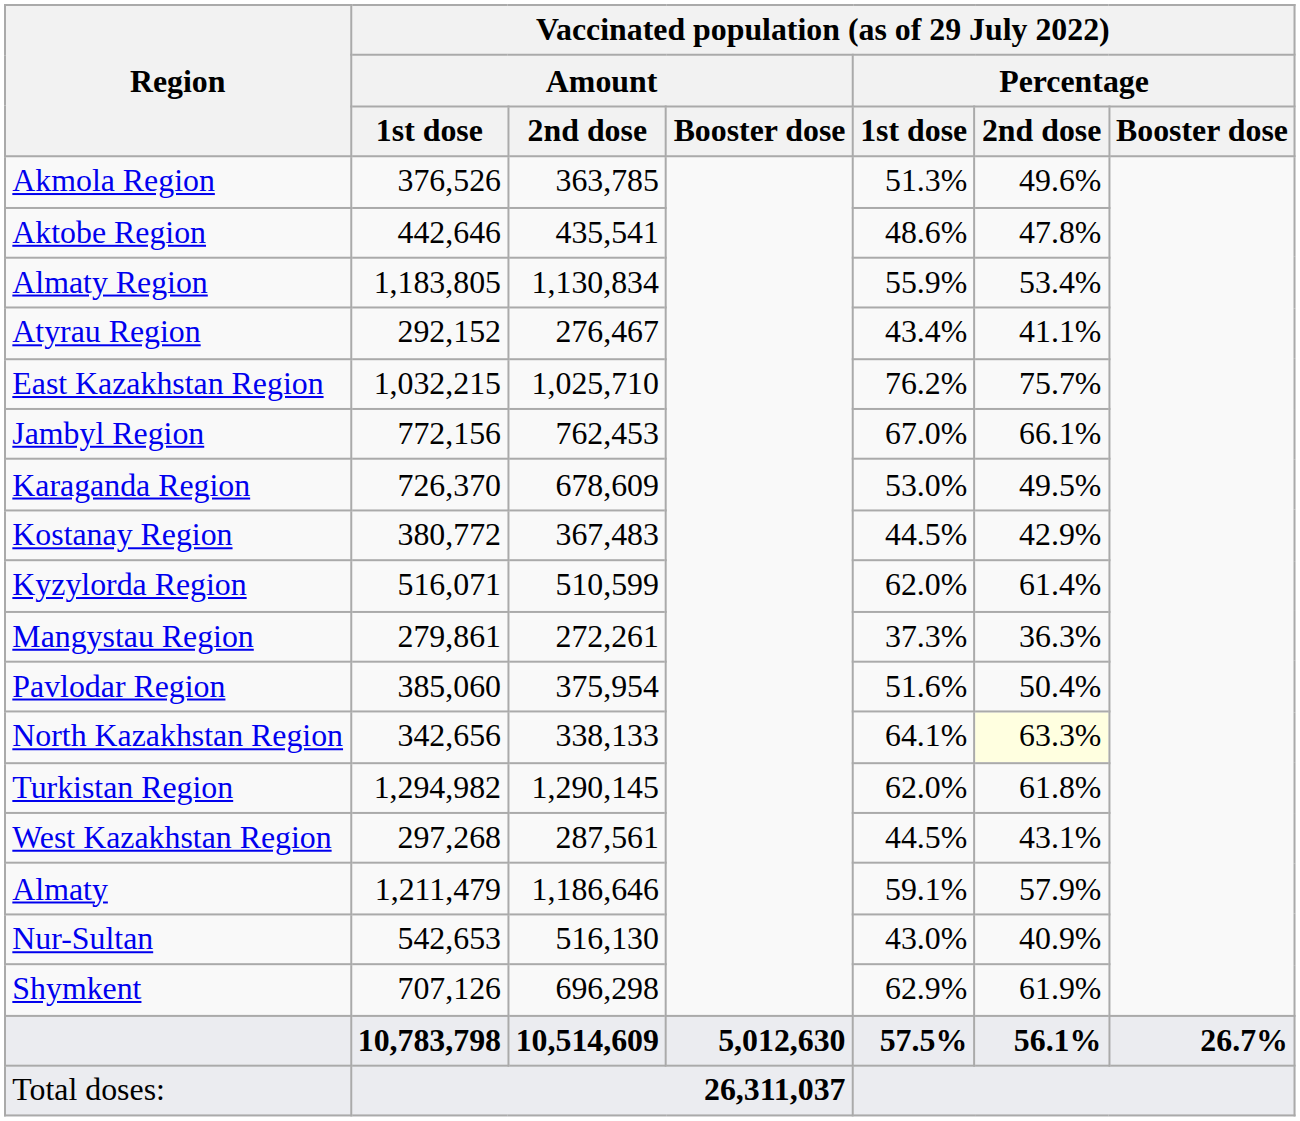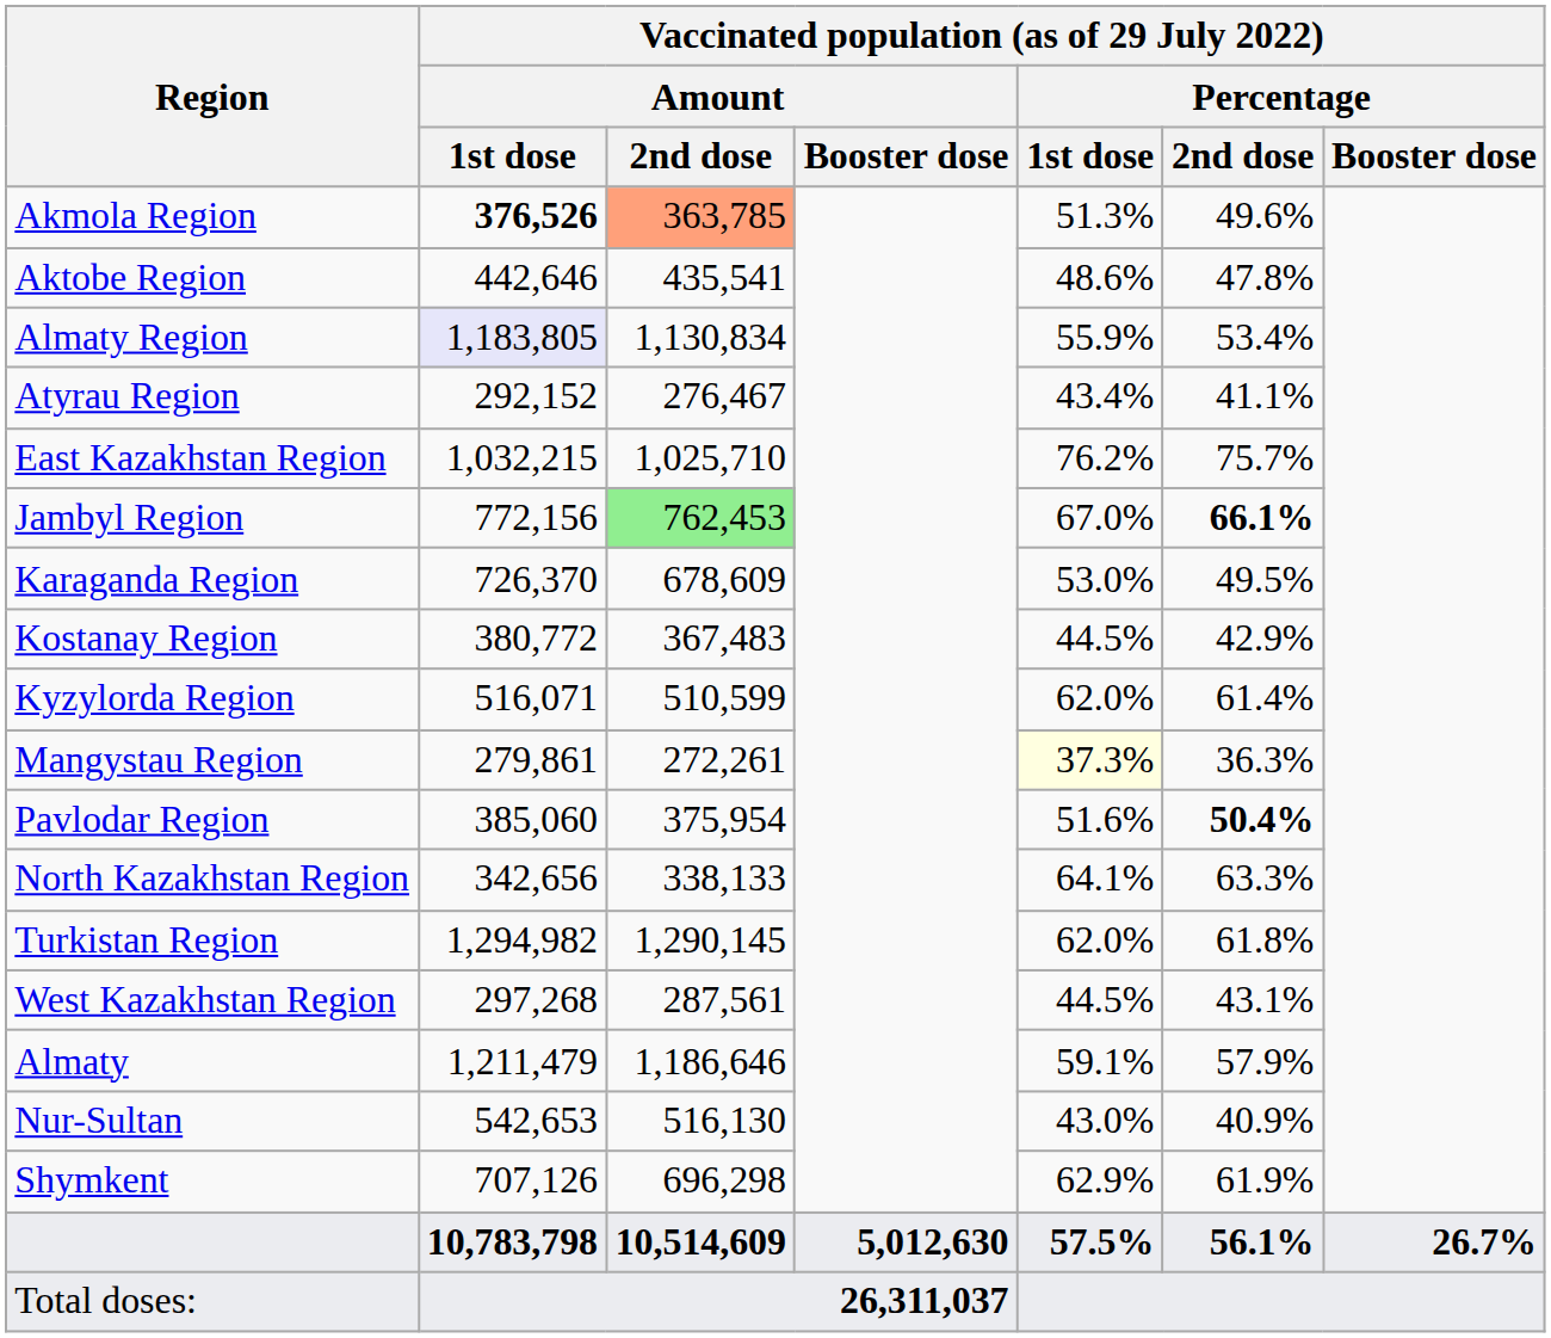 <table class="wikitable sortable centered" style="text-align:right;">
 <tr>
 <th rowspan="3">Region</th>
 <th colspan="6">Vaccinated population (as of 29 July 2022)</th>
 </tr>
 <tr>
 <th colspan="3">Amount</th>
 <th colspan="3">Percentage</th>
 </tr>
 <tr>
 <th>1st dose</th>
 <th>2nd dose</th>
 <th>Booster dose</th>
 <th>1st dose</th>
 <th>2nd dose</th>
 <th>Booster dose</th>
 </tr>
 <tr>
 <td style="text-align:left"><a href='#'>Akmola Region</a></td>
-<td>376,526</td>
-<td>363,785</td>
+<td><strong>376,526</strong></td>
+<td style="background: lightsalmon;">363,785</td>
 <td rowspan="17"></td>
 <td>51.3%</td>
 <td>49.6%</td>
 <td rowspan="17"></td>
 </tr>
 <tr>
 <td style="text-align:left"><a href='#'>Aktobe Region</a></td>
 <td>442,646</td>
 <td>435,541</td>
 <td>48.6%</td>
 <td>47.8%</td>
 </tr>
 <tr>
 <td style="text-align:left"><a href='#'>Almaty Region</a></td>
-<td>1,183,805</td>
+<td style="background: lavender;">1,183,805</td>
 <td>1,130,834</td>
 <td>55.9%</td>
 <td>53.4%</td>
 </tr>
 <tr>
 <td style="text-align:left"><a href='#'>Atyrau Region</a></td>
 <td>292,152</td>
 <td>276,467</td>
 <td>43.4%</td>
 <td>41.1%</td>
 </tr>
 <tr>
 <td style="text-align:left"><a href='#'>East Kazakhstan Region</a></td>
 <td>1,032,215</td>
 <td>1,025,710</td>
 <td>76.2%</td>
 <td>75.7%</td>
 </tr>
 <tr>
 <td style="text-align:left"><a href='#'>Jambyl Region</a></td>
 <td>772,156</td>
-<td>762,453</td>
+<td style="background: lightgreen;">762,453</td>
 <td>67.0%</td>
-<td>66.1%</td>
+<td><strong>66.1%</strong></td>
 </tr>
 <tr>
 <td style="text-align:left"><a href='#'>Karaganda Region</a></td>
 <td>726,370</td>
 <td>678,609</td>
 <td>53.0%</td>
 <td>49.5%</td>
 </tr>
 <tr>
 <td style="text-align:left"><a href='#'>Kostanay Region</a></td>
 <td>380,772</td>
 <td>367,483</td>
 <td>44.5%</td>
 <td>42.9%</td>
 </tr>
 <tr>
 <td style="text-align:left"><a href='#'>Kyzylorda Region</a></td>
 <td>516,071</td>
 <td>510,599</td>
 <td>62.0%</td>
 <td>61.4%</td>
 </tr>
 <tr>
 <td style="text-align:left"><a href='#'>Mangystau Region</a></td>
 <td>279,861</td>
 <td>272,261</td>
-<td>37.3%</td>
+<td style="background: lightyellow;">37.3%</td>
 <td>36.3%</td>
 </tr>
 <tr>
 <td style="text-align:left"><a href='#'>Pavlodar Region</a></td>
 <td>385,060</td>
 <td>375,954</td>
 <td>51.6%</td>
-<td>50.4%</td>
+<td><strong>50.4%</strong></td>
 </tr>
 <tr>
 <td style="text-align:left"><a href='#'>North Kazakhstan Region</a></td>
 <td>342,656</td>
 <td>338,133</td>
 <td>64.1%</td>
-<td style="background: lightyellow;">63.3%</td>
+<td>63.3%</td>
 </tr>
 <tr>
 <td style="text-align:left"><a href='#'>Turkistan Region</a></td>
 <td>1,294,982</td>
 <td>1,290,145</td>
 <td>62.0%</td>
 <td>61.8%</td>
 </tr>
 <tr>
 <td style="text-align:left"><a href='#'>West Kazakhstan Region</a></td>
 <td>297,268</td>
 <td>287,561</td>
 <td>44.5%</td>
 <td>43.1%</td>
 </tr>
 <tr>
 <td style="text-align:left"><a href='#'>Almaty</a></td>
 <td>1,211,479</td>
 <td>1,186,646</td>
 <td>59.1%</td>
 <td>57.9%</td>
 </tr>
 <tr>
 <td style="text-align:left"><a href='#'>Nur-Sultan</a></td>
 <td>542,653</td>
 <td>516,130</td>
 <td>43.0%</td>
 <td>40.9%</td>
 </tr>
 <tr>
 <td style="text-align:left"><a href='#'>Shymkent</a></td>
 <td>707,126</td>
 <td>696,298</td>
 <td>62.9%</td>
 <td>61.9%</td>
 </tr>
 <tr class="sortbottom" bgcolor="#EBECF0">
 <td style="text-align:left"><strong></strong></td>
 <td><strong>10,783,798</strong></td>
 <td><strong>10,514,609</strong></td>
 <td><strong>5,012,630</strong></td>
 <td><strong>57.5%</strong></td>
 <td><strong>56.1%</strong></td>
 <td><strong>26.7%</strong></td>
 </tr>
 <tr class="sortbottom" bgcolor="#EBECF0">
 <td style="text-align:left">Total doses:</td>
 <td colspan="3" style="text-align:right"><strong>26,311,037</strong></td>
 <td colspan="3"></td>
 </tr>
 </table>
